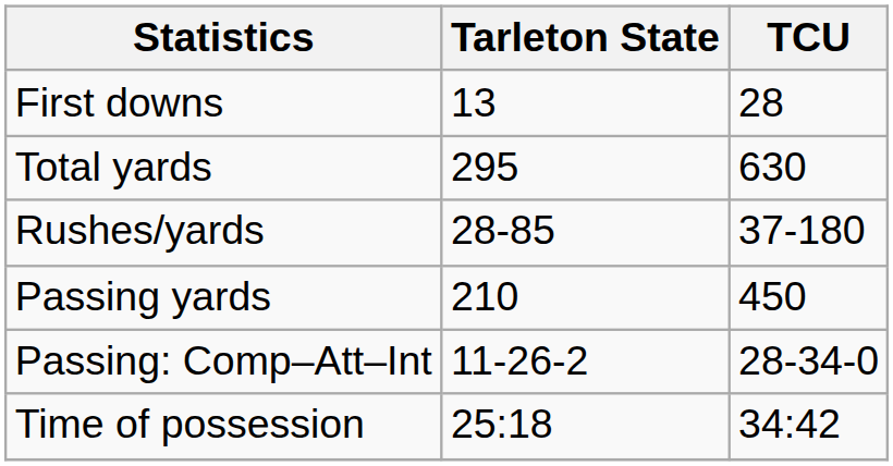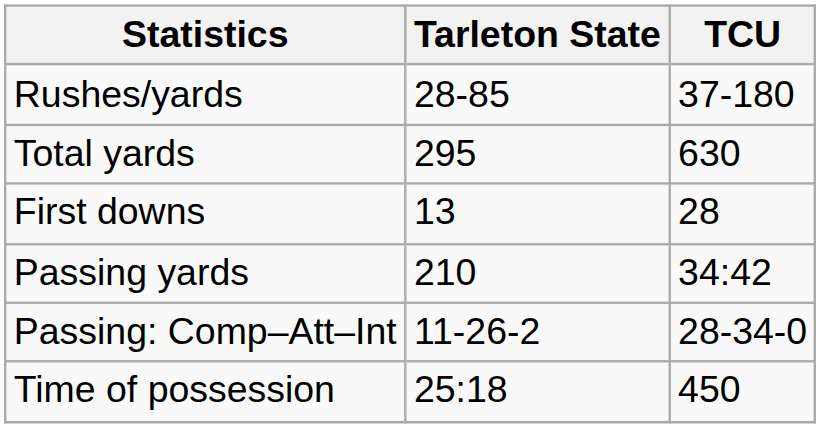 <table class="wikitable" style="float: left;">
 <tr>
 <th>Statistics</th>
 <th>Tarleton State</th>
 <th>TCU</th>
 </tr>
 <tr>
-<td>First downs</td>
-<td>13</td>
-<td>28</td>
+<td>Rushes/yards</td>
+<td>28-85</td>
+<td>37-180</td>
 </tr>
 <tr>
 <td>Total yards</td>
 <td>295</td>
 <td>630</td>
 </tr>
 <tr>
-<td>Rushes/yards</td>
-<td>28-85</td>
-<td>37-180</td>
+<td>First downs</td>
+<td>13</td>
+<td>28</td>
 </tr>
 <tr>
 <td>Passing yards</td>
 <td>210</td>
-<td>450</td>
+<td>34:42</td>
 </tr>
 <tr>
 <td>Passing: Comp–Att–Int</td>
 <td>11-26-2</td>
 <td>28-34-0</td>
 </tr>
 <tr>
 <td>Time of possession</td>
 <td>25:18</td>
-<td>34:42</td>
+<td>450</td>
 </tr>
 <tr>
 </tr>
 </table>
